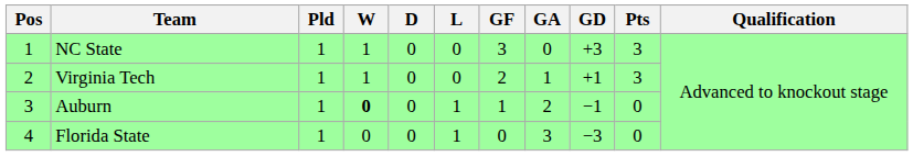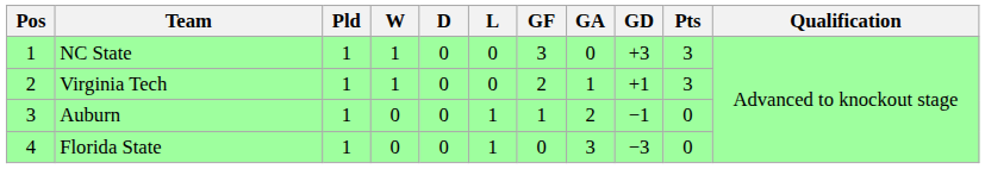 <table class="wikitable" style="text-align:center; margin: 1em auto">
 <tr>
 <th style="width:2em">Pos</th>
 <th style="width:13em">Team</th>
 <th style="width:2em">Pld</th>
 <th style="width:2em">W</th>
 <th style="width:2em">D</th>
 <th style="width:2em">L</th>
 <th style="width:2em">GF</th>
 <th style="width:2em">GA</th>
 <th style="width:2em">GD</th>
 <th style="width:2em">Pts</th>
 <th style="width:13em">Qualification</th>
 </tr>
 <tr bgcolor="#9eff9e">
 <td>1</td>
 <td style="text-align:left">NC State</td>
 <td>1</td>
 <td>1</td>
 <td>0</td>
 <td>0</td>
 <td>3</td>
 <td>0</td>
 <td>+3</td>
 <td>3</td>
 <td rowspan="4">Advanced to knockout stage</td>
 </tr>
 <tr bgcolor="#9eff9e">
 <td>2</td>
 <td style="text-align:left">Virginia Tech</td>
 <td>1</td>
 <td>1</td>
 <td>0</td>
 <td>0</td>
 <td>2</td>
 <td>1</td>
 <td>+1</td>
 <td>3</td>
 </tr>
 <tr bgcolor="#9eff9e">
 <td>3</td>
 <td style="text-align:left">Auburn</td>
 <td>1</td>
-<td><strong>0</strong></td>
+<td>0</td>
 <td>0</td>
 <td>1</td>
 <td>1</td>
 <td>2</td>
 <td>−1</td>
 <td>0</td>
 </tr>
 <tr bgcolor="#9eff9e">
 <td>4</td>
 <td style="text-align:left">Florida State</td>
 <td>1</td>
 <td>0</td>
 <td>0</td>
 <td>1</td>
 <td>0</td>
 <td>3</td>
 <td>−3</td>
 <td>0</td>
 </tr>
 </table>
